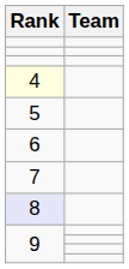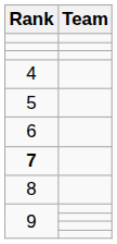 <table class=wikitable style="text-align:center">
 <tr>
 <th>Rank</th>
 <th>Team</th>
 </tr>
 <tr>
 <td></td>
 <td align=left></td>
 </tr>
 <tr>
 <td></td>
 <td align=left></td>
 </tr>
 <tr>
 <td></td>
 <td align=left></td>
 </tr>
 <tr>
-<td style="background: lightyellow;">4</td>
+<td>4</td>
 <td align=left></td>
 </tr>
 <tr>
 <td>5</td>
 <td align=left></td>
 </tr>
 <tr>
 <td>6</td>
 <td align=left></td>
 </tr>
 <tr>
-<td>7</td>
+<td><strong>7</strong></td>
 <td align=left></td>
 </tr>
 <tr>
-<td style="background: lavender;">8</td>
+<td>8</td>
 <td align=left></td>
 </tr>
 <tr>
 <td rowspan=4>9</td>
 <td align=left></td>
 </tr>
 <tr>
 <td align=left></td>
 </tr>
 <tr>
 <td align=left></td>
 </tr>
 <tr>
 <td align=left></td>
 </tr>
 </table>
